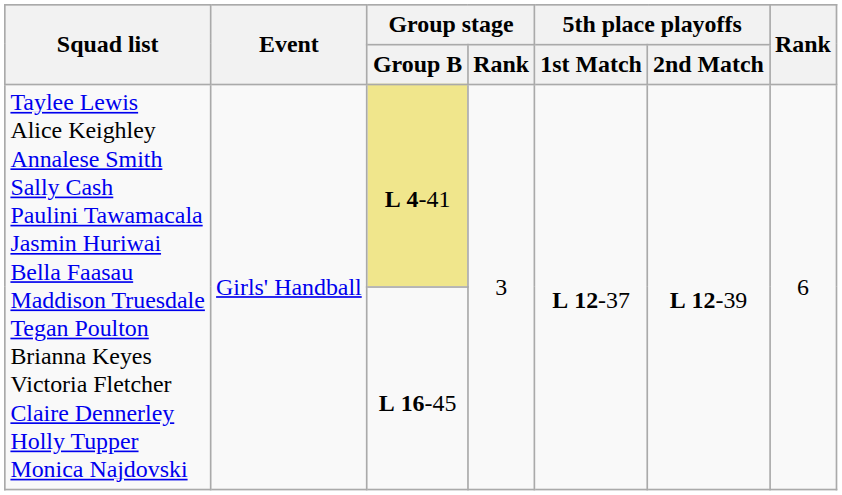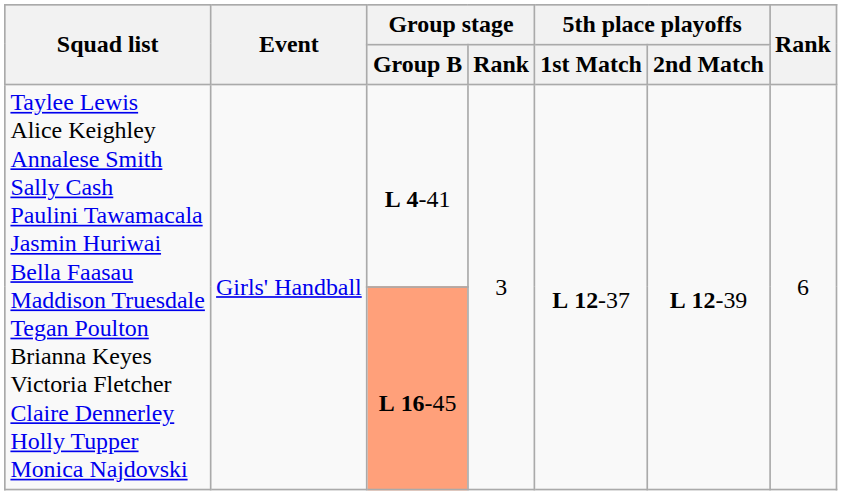 <table class=wikitable style="font-size:90%">
 <tr>
 <th rowspan=2>Squad list</th>
 <th rowspan=2>Event</th>
 <th colspan=2>Group stage</th>
 <th colspan=2>5th place playoffs</th>
 <th rowspan=2>Rank</th>
 </tr>
 <tr>
 <th>Group B</th>
 <th>Rank</th>
 <th>1st Match</th>
 <th>2nd Match</th>
 </tr>
 <tr>
 <td rowspan=2><a href='#'>Taylee Lewis</a><br>Alice Keighley<br><a href='#'>Annalese Smith</a><br><a href='#'>Sally Cash</a><br><a href='#'>Paulini Tawamacala</a><br><a href='#'>Jasmin Huriwai</a><br><a href='#'>Bella Faasau</a><br><a href='#'>Maddison Truesdale</a><br><a href='#'>Tegan Poulton</a><br>Brianna Keyes<br>Victoria Fletcher<br><a href='#'>Claire Dennerley</a><br><a href='#'>Holly Tupper</a><br><a href='#'>Monica Najdovski</a></td>
 <td rowspan=2><a href='#'>Girls' Handball</a></td>
-<td align=center style="background: khaki;"><br> <strong>L</strong> <strong>4</strong>-41</td>
+<td align=center><br> <strong>L</strong> <strong>4</strong>-41</td>
 <td rowspan="2" style="text-align:center;">3</td>
 <td rowspan="2" style="text-align:center;"><br> <strong>L</strong> <strong>12</strong>-37</td>
 <td rowspan="2" style="text-align:center;"><br> <strong>L</strong> <strong>12</strong>-39</td>
 <td rowspan="2" style="text-align:center;">6</td>
 </tr>
 <tr>
-<td align=center><br> <strong>L</strong> <strong>16</strong>-45</td>
+<td align=center style="background: lightsalmon;"><br> <strong>L</strong> <strong>16</strong>-45</td>
 </tr>
 </table>
